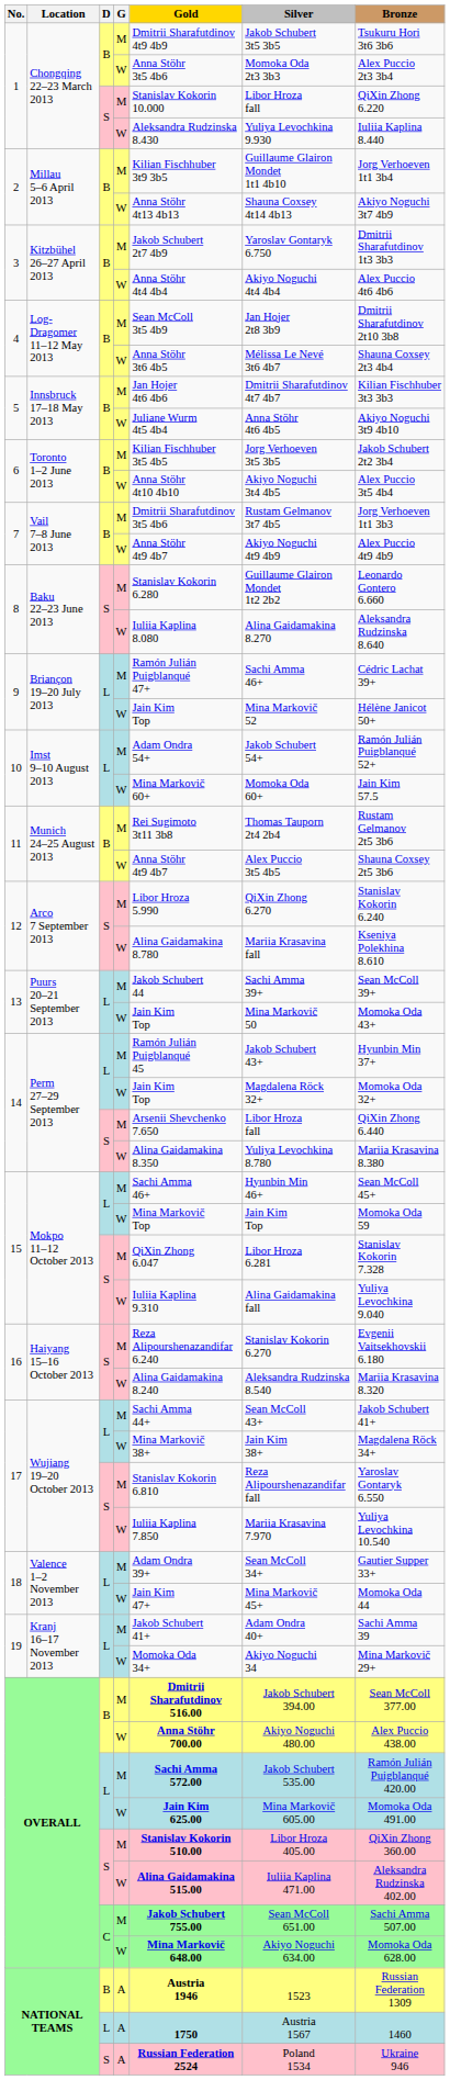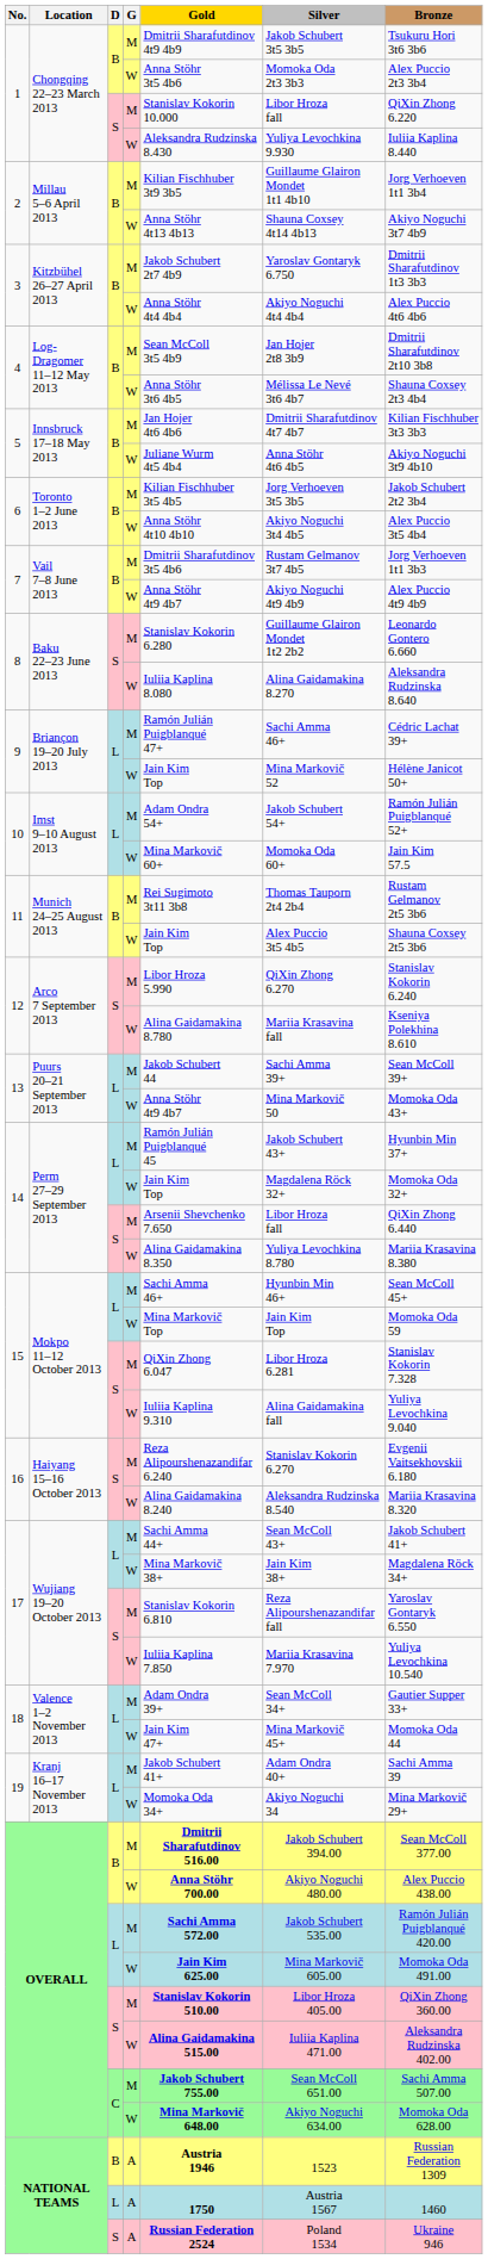 <table class="wikitable sortable">
 <tr>
 <th>No.</th>
 <th>Location</th>
 <th>D</th>
 <th>G</th>
 <th style="background: gold">Gold</th>
 <th style="background: silver">Silver</th>
 <th style="background: #cc9966">Bronze</th>
 </tr>
 <tr>
 <td rowspan=4 align="center">1</td>
 <td rowspan=4> <a href='#'>Chongqing</a> <br> 22–23 March 2013</td>
 <td rowspan=2  align="center" style="background: #ffff80">B</td>
 <td align="center" style="background: #ffff80">M</td>
 <td> <a href='#'>Dmitrii Sharafutdinov</a> <br> 4t9 4b9</td>
 <td> <a href='#'>Jakob Schubert</a> <br> 3t5 3b5</td>
 <td> <a href='#'>Tsukuru Hori</a> <br> 3t6 3b6</td>
 </tr>
 <tr>
 <td align="center" style="background: #ffff80">W</td>
 <td> <a href='#'>Anna Stöhr</a> <br> 3t5 4b6</td>
 <td> <a href='#'>Momoka Oda</a> <br> 2t3 3b3</td>
 <td> <a href='#'>Alex Puccio</a> <br> 2t3 3b4</td>
 </tr>
 <tr>
 <td rowspan=2 align="center" style="background: Pink">S</td>
 <td align="center" style="background: Pink">M</td>
 <td> <a href='#'>Stanislav Kokorin</a> <br> 10.000</td>
 <td> <a href='#'>Libor Hroza</a> <br> fall</td>
 <td> <a href='#'>QiXin Zhong</a> <br> 6.220</td>
 </tr>
 <tr>
 <td align="center" style="background: Pink">W</td>
 <td> <a href='#'>Aleksandra Rudzinska</a> <br> 8.430</td>
 <td> <a href='#'>Yuliya Levochkina</a> <br> 9.930</td>
 <td> <a href='#'>Iuliia Kaplina</a> <br> 8.440</td>
 </tr>
 <tr>
 <td rowspan=2 align="center">2</td>
 <td rowspan=2> <a href='#'>Millau</a> <br> 5–6 April 2013</td>
 <td rowspan=2  align="center" style="background: #ffff80">B</td>
 <td align="center" style="background: #ffff80">M</td>
 <td> <a href='#'>Kilian Fischhuber</a> <br> 3t9 3b5</td>
 <td> <a href='#'>Guillaume Glairon Mondet</a> <br> 1t1 4b10</td>
 <td> <a href='#'>Jorg Verhoeven</a> <br> 1t1 3b4</td>
 </tr>
 <tr>
 <td align="center" style="background: #ffff80">W</td>
 <td> <a href='#'>Anna Stöhr</a> <br> 4t13 4b13</td>
 <td> <a href='#'>Shauna Coxsey</a> <br> 4t14 4b13</td>
 <td> <a href='#'>Akiyo Noguchi</a> <br> 3t7 4b9</td>
 </tr>
 <tr>
 <td rowspan=2 align="center">3</td>
 <td rowspan=2> <a href='#'>Kitzbühel</a> <br> 26–27 April 2013</td>
 <td rowspan=2 align="center" style="background: #ffff80">B</td>
 <td align="center" style="background: #ffff80">M</td>
 <td> <a href='#'>Jakob Schubert</a> <br> 2t7 4b9</td>
 <td> <a href='#'>Yaroslav Gontaryk</a> <br> 6.750</td>
 <td> <a href='#'>Dmitrii Sharafutdinov</a> <br> 1t3 3b3</td>
 </tr>
 <tr>
 <td align="center" style="background: #ffff80">W</td>
 <td> <a href='#'>Anna Stöhr</a> <br> 4t4 4b4</td>
 <td> <a href='#'>Akiyo Noguchi</a> <br> 4t4 4b4</td>
 <td> <a href='#'>Alex Puccio</a> <br> 4t6 4b6</td>
 </tr>
 <tr>
 <td rowspan=2 align="center">4</td>
 <td rowspan=2> <a href='#'>Log-Dragomer</a> <br> 11–12 May 2013</td>
 <td rowspan=2 align="center" style="background: #ffff80">B</td>
 <td align="center" style="background: #ffff80">M</td>
 <td> <a href='#'>Sean McColl</a> <br> 3t5 4b9</td>
 <td> <a href='#'>Jan Hojer</a> <br> 2t8 3b9</td>
 <td> <a href='#'>Dmitrii Sharafutdinov</a> <br> 2t10 3b8</td>
 </tr>
 <tr>
 <td align="center" style="background: #ffff80">W</td>
 <td> <a href='#'>Anna Stöhr</a> <br> 3t6 4b5</td>
 <td> <a href='#'>Mélissa Le Nevé</a> <br> 3t6 4b7</td>
 <td> <a href='#'>Shauna Coxsey</a> <br> 2t3 4b4</td>
 </tr>
 <tr>
 <td rowspan=2 align="center">5</td>
 <td rowspan=2> <a href='#'>Innsbruck</a> <br> 17–18 May 2013</td>
 <td rowspan=2 align="center" style="background: #ffff80">B</td>
 <td align="center" style="background: #ffff80">M</td>
 <td> <a href='#'>Jan Hojer</a> <br> 4t6 4b6</td>
 <td> <a href='#'>Dmitrii Sharafutdinov</a> <br> 4t7 4b7</td>
 <td> <a href='#'>Kilian Fischhuber</a> <br> 3t3 3b3</td>
 </tr>
 <tr>
 <td align="center" style="background: #ffff80">W</td>
 <td> <a href='#'>Juliane Wurm</a> <br> 4t5 4b4</td>
 <td> <a href='#'>Anna Stöhr</a> <br> 4t6 4b5</td>
 <td> <a href='#'>Akiyo Noguchi</a> <br> 3t9 4b10</td>
 </tr>
 <tr>
 <td rowspan=2 align="center">6</td>
 <td rowspan=2> <a href='#'>Toronto</a> <br> 1–2 June 2013</td>
 <td rowspan=2 align="center" style="background: #ffff80">B</td>
 <td align="center" style="background: #ffff80">M</td>
 <td> <a href='#'>Kilian Fischhuber</a> <br> 3t5 4b5</td>
 <td> <a href='#'>Jorg Verhoeven</a> <br> 3t5 3b5</td>
 <td> <a href='#'>Jakob Schubert</a> <br> 2t2 3b4</td>
 </tr>
 <tr>
 <td align="center" style="background: #ffff80">W</td>
 <td> <a href='#'>Anna Stöhr</a> <br> 4t10 4b10</td>
 <td> <a href='#'>Akiyo Noguchi</a> <br> 3t4 4b5</td>
 <td> <a href='#'>Alex Puccio</a> <br> 3t5 4b4</td>
 </tr>
 <tr>
 <td rowspan=2 align="center">7</td>
 <td rowspan=2> <a href='#'>Vail</a> <br> 7–8 June 2013</td>
 <td rowspan=2 align="center" style="background: #ffff80">B</td>
 <td align="center" style="background: #ffff80">M</td>
 <td> <a href='#'>Dmitrii Sharafutdinov</a> <br> 3t5 4b6</td>
 <td> <a href='#'>Rustam Gelmanov</a> <br> 3t7 4b5</td>
 <td> <a href='#'>Jorg Verhoeven</a> <br> 1t1 3b3</td>
 </tr>
 <tr>
 <td align="center" style="background: #ffff80">W</td>
 <td> <a href='#'>Anna Stöhr</a> <br> 4t9 4b7</td>
 <td> <a href='#'>Akiyo Noguchi</a> <br> 4t9 4b9</td>
 <td> <a href='#'>Alex Puccio</a> <br> 4t9 4b9</td>
 </tr>
 <tr>
 <td rowspan=2 align="center">8</td>
 <td rowspan=2> <a href='#'>Baku</a> <br> 22–23 June 2013</td>
 <td rowspan=2 align="center" style="background: Pink">S</td>
 <td align="center" style="background: Pink">M</td>
 <td> <a href='#'>Stanislav Kokorin</a> <br> 6.280</td>
 <td> <a href='#'>Guillaume Glairon Mondet</a> <br> 1t2 2b2</td>
 <td> <a href='#'>Leonardo Gontero</a> <br> 6.660</td>
 </tr>
 <tr>
 <td align="center" style="background: Pink">W</td>
 <td> <a href='#'>Iuliia Kaplina</a> <br> 8.080</td>
 <td> <a href='#'>Alina Gaidamakina</a> <br> 8.270</td>
 <td> <a href='#'>Aleksandra Rudzinska</a> <br> 8.640</td>
 </tr>
 <tr>
 <td rowspan=2 align="center">9</td>
 <td rowspan=2> <a href='#'>Briançon</a> <br> 19–20 July 2013</td>
 <td rowspan=2 align="center" style="background: PowderBlue">L</td>
 <td align="center" style="background: PowderBlue">M</td>
 <td> <a href='#'>Ramón Julián Puigblanqué</a> <br> 47+</td>
 <td> <a href='#'>Sachi Amma</a> <br> 46+</td>
 <td> <a href='#'>Cédric Lachat</a> <br> 39+</td>
 </tr>
 <tr>
 <td align="center" style="background: PowderBlue">W</td>
 <td> <a href='#'>Jain Kim</a> <br> Top</td>
 <td> <a href='#'>Mina Markovič</a> <br> 52</td>
 <td> <a href='#'>Hélène Janicot</a> <br> 50+</td>
 </tr>
 <tr>
 <td rowspan=2  align="center">10</td>
 <td rowspan=2> <a href='#'>Imst</a> <br> 9–10 August 2013</td>
 <td rowspan=2 align="center" style="background: PowderBlue">L</td>
 <td align="center" style="background: PowderBlue">M</td>
 <td> <a href='#'>Adam Ondra</a> <br> 54+</td>
 <td> <a href='#'>Jakob Schubert</a> <br> 54+</td>
 <td> <a href='#'>Ramón Julián Puigblanqué</a> <br> 52+</td>
 </tr>
 <tr>
 <td align="center" style="background: PowderBlue">W</td>
 <td> <a href='#'>Mina Markovič</a> <br> 60+</td>
 <td> <a href='#'>Momoka Oda</a> <br> 60+</td>
 <td> <a href='#'>Jain Kim</a> <br> 57.5</td>
 </tr>
 <tr>
 <td rowspan=2 align="center">11</td>
 <td rowspan=2> <a href='#'>Munich</a> <br> 24–25 August 2013</td>
 <td rowspan=2 align="center" style="background: #ffff80">B</td>
 <td align="center" style="background: #ffff80">M</td>
 <td> <a href='#'>Rei Sugimoto</a> <br> 3t11 3b8</td>
 <td> <a href='#'>Thomas Tauporn</a> <br> 2t4 2b4</td>
 <td> <a href='#'>Rustam Gelmanov</a> <br> 2t5 3b6</td>
 </tr>
 <tr>
 <td align="center" style="background: #ffff80">W</td>
-<td> <a href='#'>Anna Stöhr</a> <br> 4t9 4b7</td>
+<td> <a href='#'>Jain Kim</a> <br> Top</td>
 <td> <a href='#'>Alex Puccio</a> <br> 3t5 4b5</td>
 <td> <a href='#'>Shauna Coxsey</a> <br> 2t5 3b6</td>
 </tr>
 <tr>
 <td rowspan=2 align="center">12</td>
 <td rowspan=2> <a href='#'>Arco</a> <br> 7 September 2013</td>
 <td rowspan=2 align="center" style="background: Pink">S</td>
 <td align="center" style="background: Pink">M</td>
 <td> <a href='#'>Libor Hroza</a> <br> 5.990</td>
 <td> <a href='#'>QiXin Zhong</a> <br> 6.270</td>
 <td> <a href='#'>Stanislav Kokorin</a> <br> 6.240</td>
 </tr>
 <tr>
 <td align="center" style="background: Pink">W</td>
 <td> <a href='#'>Alina Gaidamakina</a> <br> 8.780</td>
 <td> <a href='#'>Mariia Krasavina</a> <br> fall</td>
 <td> <a href='#'>Kseniya Polekhina</a> <br> 8.610</td>
 </tr>
 <tr>
 <td rowspan=2 align="center">13</td>
 <td rowspan=2> <a href='#'>Puurs</a> <br> 20–21 September 2013</td>
 <td rowspan=2 align="center" style="background: PowderBlue">L</td>
 <td align="center" style="background: PowderBlue">M</td>
 <td> <a href='#'>Jakob Schubert</a> <br> 44</td>
 <td> <a href='#'>Sachi Amma</a> <br> 39+</td>
 <td> <a href='#'>Sean McColl</a> <br> 39+</td>
 </tr>
 <tr>
 <td align="center" style="background: PowderBlue">W</td>
-<td> <a href='#'>Jain Kim</a> <br> Top</td>
+<td> <a href='#'>Anna Stöhr</a> <br> 4t9 4b7</td>
 <td> <a href='#'>Mina Markovič</a> <br> 50</td>
 <td> <a href='#'>Momoka Oda</a> <br> 43+</td>
 </tr>
 <tr>
 <td rowspan=4 align="center">14</td>
 <td rowspan=4> <a href='#'>Perm</a> <br> 27–29 September 2013</td>
 <td rowspan=2 align="center" style="background: PowderBlue">L</td>
 <td align="center" style="background: PowderBlue">M</td>
 <td> <a href='#'>Ramón Julián Puigblanqué</a> <br> 45</td>
 <td> <a href='#'>Jakob Schubert</a> <br> 43+</td>
 <td> <a href='#'>Hyunbin Min</a> <br> 37+</td>
 </tr>
 <tr>
 <td align="center" style="background: PowderBlue">W</td>
 <td> <a href='#'>Jain Kim</a> <br> Top</td>
 <td> <a href='#'>Magdalena Röck</a> <br> 32+</td>
 <td> <a href='#'>Momoka Oda</a> <br> 32+</td>
 </tr>
 <tr>
 <td rowspan=2 align="center" style="background: Pink">S</td>
 <td align="center" style="background: Pink">M</td>
 <td> <a href='#'>Arsenii Shevchenko</a> <br> 7.650</td>
 <td> <a href='#'>Libor Hroza</a> <br> fall</td>
 <td> <a href='#'>QiXin Zhong</a> <br> 6.440</td>
 </tr>
 <tr>
 <td align="center" style="background: Pink">W</td>
 <td> <a href='#'>Alina Gaidamakina</a> <br> 8.350</td>
 <td> <a href='#'>Yuliya Levochkina</a> <br> 8.780</td>
 <td> <a href='#'>Mariia Krasavina</a> <br> 8.380</td>
 </tr>
 <tr>
 <td rowspan=4 align="center">15</td>
 <td rowspan=4> <a href='#'>Mokpo</a> <br> 11–12 October 2013</td>
 <td rowspan=2 align="center" style="background: PowderBlue">L</td>
 <td align="center" style="background: PowderBlue">M</td>
 <td> <a href='#'>Sachi Amma</a> <br> 46+</td>
 <td> <a href='#'>Hyunbin Min</a> <br> 46+</td>
 <td> <a href='#'>Sean McColl</a> <br> 45+</td>
 </tr>
 <tr>
 <td align="center" style="background: PowderBlue">W</td>
 <td> <a href='#'>Mina Markovič</a> <br> Top</td>
 <td> <a href='#'>Jain Kim</a> <br> Top</td>
 <td> <a href='#'>Momoka Oda</a> <br> 59</td>
 </tr>
 <tr>
 <td rowspan=2 align="center" style="background: Pink">S</td>
 <td align="center" style="background: Pink">M</td>
 <td> <a href='#'>QiXin Zhong</a> <br> 6.047</td>
 <td> <a href='#'>Libor Hroza</a> <br> 6.281</td>
 <td> <a href='#'>Stanislav Kokorin</a> <br> 7.328</td>
 </tr>
 <tr>
 <td align="center" style="background: Pink">W</td>
 <td> <a href='#'>Iuliia Kaplina</a> <br> 9.310</td>
 <td> <a href='#'>Alina Gaidamakina</a> <br> fall</td>
 <td> <a href='#'>Yuliya Levochkina</a> <br> 9.040</td>
 </tr>
 <tr>
 <td rowspan=2 align="center">16</td>
 <td rowspan=2> <a href='#'>Haiyang</a> <br> 15–16 October 2013</td>
 <td rowspan=2 align="center" style="background: Pink">S</td>
 <td align="center" style="background: Pink">M</td>
 <td> <a href='#'>Reza Alipourshenazandifar</a> <br> 6.240</td>
 <td> <a href='#'>Stanislav Kokorin</a> <br> 6.270</td>
 <td> <a href='#'>Evgenii Vaitsekhovskii</a> <br> 6.180</td>
 </tr>
 <tr>
 <td align="center" style="background: Pink">W</td>
 <td> <a href='#'>Alina Gaidamakina</a> <br> 8.240</td>
 <td> <a href='#'>Aleksandra Rudzinska</a> <br> 8.540</td>
 <td> <a href='#'>Mariia Krasavina</a> <br> 8.320</td>
 </tr>
 <tr>
 <td rowspan=4 align="center">17</td>
 <td rowspan=4> <a href='#'>Wujiang</a> <br> 19–20 October 2013</td>
 <td rowspan=2 align="center" style="background: PowderBlue">L</td>
 <td align="center" style="background: PowderBlue">M</td>
 <td> <a href='#'>Sachi Amma</a> <br> 44+</td>
 <td> <a href='#'>Sean McColl</a> <br> 43+</td>
 <td> <a href='#'>Jakob Schubert</a> <br> 41+</td>
 </tr>
 <tr>
 <td align="center" style="background: PowderBlue">W</td>
 <td> <a href='#'>Mina Markovič</a> <br> 38+</td>
 <td> <a href='#'>Jain Kim</a> <br> 38+</td>
 <td> <a href='#'>Magdalena Röck</a> <br> 34+</td>
 </tr>
 <tr>
 <td rowspan=2 align="center" style="background: Pink">S</td>
 <td align="center" style="background: Pink">M</td>
 <td> <a href='#'>Stanislav Kokorin</a> <br> 6.810</td>
 <td> <a href='#'>Reza Alipourshenazandifar</a> <br> fall</td>
 <td> <a href='#'>Yaroslav Gontaryk</a> <br> 6.550</td>
 </tr>
 <tr>
 <td align="center" style="background: Pink">W</td>
 <td> <a href='#'>Iuliia Kaplina</a> <br> 7.850</td>
 <td> <a href='#'>Mariia Krasavina</a> <br> 7.970</td>
 <td> <a href='#'>Yuliya Levochkina</a> <br> 10.540</td>
 </tr>
 <tr>
 <td rowspan=2 align="center">18</td>
 <td rowspan=2> <a href='#'>Valence</a> <br> 1–2 November 2013</td>
 <td rowspan=2 align="center" style="background: PowderBlue">L</td>
 <td align="center" style="background: PowderBlue">M</td>
 <td> <a href='#'>Adam Ondra</a> <br> 39+</td>
 <td> <a href='#'>Sean McColl</a> <br> 34+</td>
 <td> <a href='#'>Gautier Supper</a> <br> 33+</td>
 </tr>
 <tr>
 <td align="center" style="background: PowderBlue">W</td>
 <td> <a href='#'>Jain Kim</a> <br> 47+</td>
 <td> <a href='#'>Mina Markovič</a> <br> 45+</td>
 <td> <a href='#'>Momoka Oda</a> <br> 44</td>
 </tr>
 <tr>
 <td rowspan=2 align="center">19</td>
 <td rowspan=2> <a href='#'>Kranj</a> <br> 16–17 November 2013</td>
 <td rowspan=2 align="center" style="background: PowderBlue">L</td>
 <td align="center" style="background: PowderBlue">M</td>
 <td> <a href='#'>Jakob Schubert</a> <br> 41+</td>
 <td> <a href='#'>Adam Ondra</a> <br> 40+</td>
 <td> <a href='#'>Sachi Amma</a> <br> 39</td>
 </tr>
 <tr>
 <td align="center" style="background: PowderBlue">W</td>
 <td> <a href='#'>Momoka Oda</a> <br> 34+</td>
 <td> <a href='#'>Akiyo Noguchi</a> <br> 34</td>
 <td> <a href='#'>Mina Markovič</a> <br> 29+</td>
 </tr>
 <tr>
 <td align="center" style="background:#98FB98" colspan=2 rowspan=8><strong>OVERALL</strong></td>
 <td rowspan=2 align="center" style="background: #ffff80">B</td>
 <td align="center" style="background: #ffff80">M</td>
 <td align="center" style="background: #ffff80"><strong> <a href='#'>Dmitrii Sharafutdinov</a> <br> 516.00</strong></td>
 <td align="center" style="background: #ffff80"> <a href='#'>Jakob Schubert</a> <br> 394.00</td>
 <td align="center" style="background: #ffff80"> <a href='#'>Sean McColl</a> <br> 377.00</td>
 </tr>
 <tr>
 <td align="center" style="background: #ffff80">W</td>
 <td align="center" style="background: #ffff80"><strong> <a href='#'>Anna Stöhr</a> <br> 700.00</strong></td>
 <td align="center" style="background: #ffff80"> <a href='#'>Akiyo Noguchi</a> <br> 480.00</td>
 <td align="center" style="background: #ffff80"> <a href='#'>Alex Puccio</a> <br> 438.00</td>
 </tr>
 <tr>
 <td rowspan=2 align="center" style="background: PowderBlue">L</td>
 <td align="center" style="background: PowderBlue">M</td>
 <td align="center" style="background: PowderBlue"><strong> <a href='#'>Sachi Amma</a> <br> 572.00</strong></td>
 <td align="center" style="background: PowderBlue"> <a href='#'>Jakob Schubert</a> <br> 535.00</td>
 <td align="center" style="background: PowderBlue"> <a href='#'>Ramón Julián Puigblanqué</a> <br> 420.00</td>
 </tr>
 <tr>
 <td align="center" style="background: PowderBlue">W</td>
 <td align="center" style="background: PowderBlue"><strong> <a href='#'>Jain Kim</a> <br> 625.00</strong></td>
 <td align="center" style="background: PowderBlue"> <a href='#'>Mina Markovič</a> <br> 605.00</td>
 <td align="center" style="background: PowderBlue"> <a href='#'>Momoka Oda</a> <br> 491.00</td>
 </tr>
 <tr>
 <td rowspan=2 align="center" style="background: Pink">S</td>
 <td align="center" style="background: Pink">M</td>
 <td align="center" style="background: Pink"><strong> <a href='#'>Stanislav Kokorin</a> <br> 510.00</strong></td>
 <td align="center" style="background: Pink"> <a href='#'>Libor Hroza</a> <br> 405.00</td>
 <td align="center" style="background: Pink"> <a href='#'>QiXin Zhong</a> <br> 360.00</td>
 </tr>
 <tr>
 <td align="center" style="background: Pink">W</td>
 <td align="center" style="background: Pink"><strong> <a href='#'>Alina Gaidamakina</a> <br> 515.00</strong></td>
 <td align="center" style="background: Pink"> <a href='#'>Iuliia Kaplina</a> <br> 471.00</td>
 <td align="center" style="background: Pink"> <a href='#'>Aleksandra Rudzinska</a> <br> 402.00</td>
 </tr>
 <tr>
 <td rowspan=2 align="center" style="background:#98FB98">C</td>
 <td align="center" style="background:#98FB98">M</td>
 <td align="center" style="background:#98FB98"><strong> <a href='#'>Jakob Schubert</a> <br> 755.00</strong></td>
 <td align="center" style="background:#98FB98"> <a href='#'>Sean McColl</a> <br> 651.00</td>
 <td align="center" style="background:#98FB98"> <a href='#'>Sachi Amma</a> <br> 507.00</td>
 </tr>
 <tr>
 <td align="center" style="background:#98FB98">W</td>
 <td align="center" style="background:#98FB98"><strong> <a href='#'>Mina Markovič</a> <br> 648.00</strong></td>
 <td align="center" style="background:#98FB98"> <a href='#'>Akiyo Noguchi</a> <br> 634.00</td>
 <td align="center" style="background:#98FB98"> <a href='#'>Momoka Oda</a> <br> 628.00</td>
 </tr>
 <tr>
 <td align="center" style="background:#98FB98" colspan=2 rowspan=3><strong> NATIONAL TEAMS</strong></td>
 <td align="center" style="background: #ffff80">B</td>
 <td align="center" style="background: #ffff80">A</td>
 <td align="center" style="background: #ffff80"><strong> Austria <br> 1946</strong></td>
 <td align="center" style="background: #ffff80"> <br> 1523</td>
 <td align="center" style="background: #ffff80"> <a href='#'>Russian Federation</a> <br> 1309</td>
 </tr>
 <tr>
 <td align="center" style="background: PowderBlue">L</td>
 <td align="center" style="background: PowderBlue">A</td>
 <td align="center" style="background: PowderBlue"><strong> <br> 1750</strong></td>
 <td align="center" style="background: PowderBlue"> Austria <br> 1567</td>
 <td align="center" style="background: PowderBlue"> <br> 1460</td>
 </tr>
 <tr>
 <td align="center" style="background: Pink">S</td>
 <td align="center" style="background: Pink">A</td>
 <td align="center" style="background: Pink"><strong> <a href='#'>Russian Federation</a> <br> 2524</strong></td>
 <td align="center" style="background: Pink"> Poland <br> 1534</td>
 <td align="center" style="background: Pink"> <a href='#'>Ukraine</a> <br> 946</td>
 </tr>
 </table>
